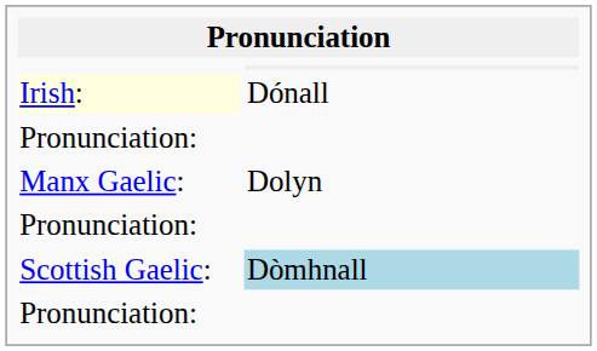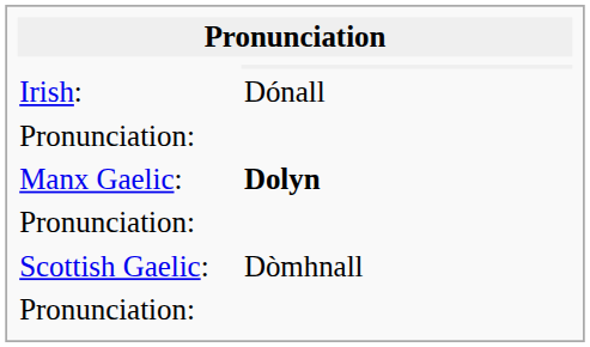 <table class="collapsible infobox collapsed" width="280" style="font-size:90%;">
 <tr>
 <th colspan="2" style="background:#EFEFEF">Pronunciation</th>
 </tr>
 <tr class="note">
 </tr>
 <tr style="vertical-align:top;">
 <td style="width: 40%;"></td>
 <th colspan="2" style="background:#EFEFEF"></th>
 </tr>
 <tr>
-<td style="background: lightyellow;"><a href='#'>Irish</a>:</td>
+<td><a href='#'>Irish</a>:</td>
 <td>Dónall</td>
 </tr>
 <tr>
 <td>Pronunciation:</td>
 <td></td>
 </tr>
 <tr>
 <td><a href='#'>Manx Gaelic</a>:</td>
-<td>Dolyn</td>
+<td><strong>Dolyn</strong></td>
 </tr>
 <tr>
 <td>Pronunciation:</td>
 <td></td>
 </tr>
 <tr>
 <td><a href='#'>Scottish Gaelic</a>:</td>
-<td style="background: lightblue;">Dòmhnall</td>
+<td>Dòmhnall</td>
 </tr>
 <tr>
 <td>Pronunciation:</td>
 <td></td>
 </tr>
 </table>
